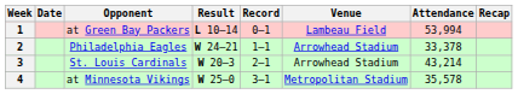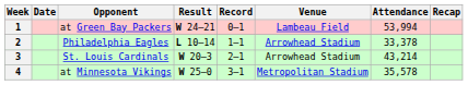 <table class="wikitable" style="text-align:center">
 <tr>
 <th>Week</th>
 <th>Date</th>
 <th>Opponent</th>
 <th>Result</th>
 <th>Record</th>
 <th>Venue</th>
 <th>Attendance</th>
 <th>Recap</th>
 </tr>
 <tr style="background:#fcc">
 <th>1</th>
 <td></td>
 <td>at <a href='#'>Green Bay Packers</a></td>
-<td><strong>L</strong> 10–14</td>
+<td><strong>W</strong> 24–21</td>
 <td>0–1</td>
 <td><a href='#'>Lambeau Field</a></td>
 <td>53,994</td>
 <td></td>
 </tr>
 <tr style="background:#cfc">
 <th>2</th>
 <td></td>
 <td><a href='#'>Philadelphia Eagles</a></td>
-<td><strong>W</strong> 24–21</td>
+<td><strong>L</strong> 10–14</td>
 <td>1–1</td>
 <td><a href='#'>Arrowhead Stadium</a></td>
 <td>33,378</td>
 <td></td>
 </tr>
 <tr style="background:#cfc">
 <th>3</th>
 <td></td>
 <td><a href='#'>St. Louis Cardinals</a></td>
 <td><strong>W</strong> 20–3</td>
 <td>2–1</td>
 <td>Arrowhead Stadium</td>
 <td>43,214</td>
 <td></td>
 </tr>
 <tr style="background:#cfc">
 <th>4</th>
 <td></td>
 <td>at <a href='#'>Minnesota Vikings</a></td>
 <td><strong>W</strong> 25–0</td>
 <td>3–1</td>
 <td><a href='#'>Metropolitan Stadium</a></td>
 <td>35,578</td>
 <td></td>
 </tr>
 </table>
